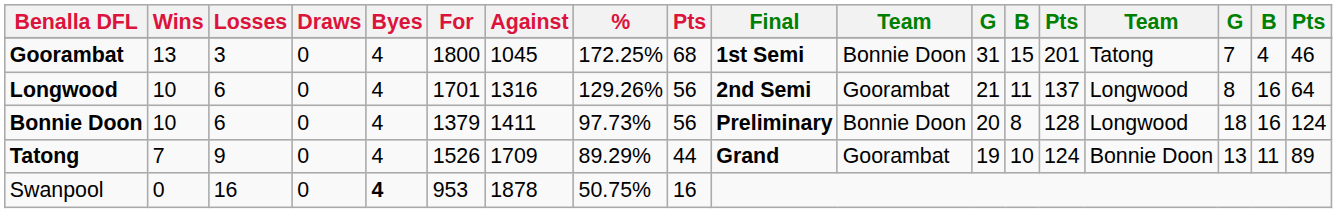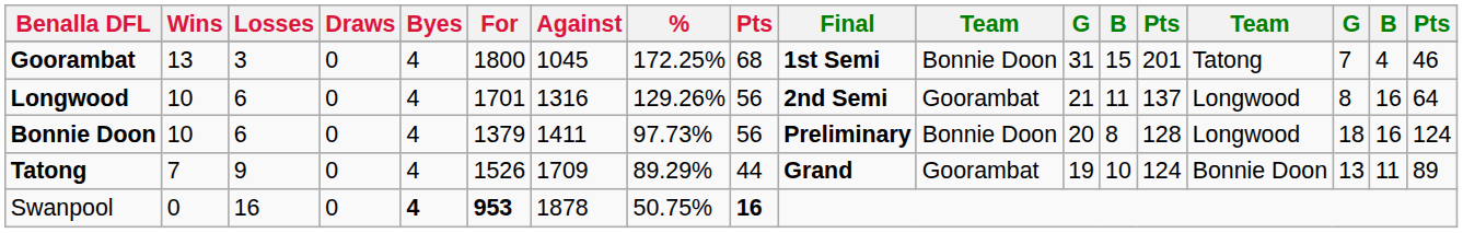 <table style="font-size: 85%; text-align: left;" class="wikitable">
 <tr>
 <th style="color:crimson">Benalla DFL</th>
 <th style="color:crimson">Wins</th>
 <th style="color:crimson">Losses</th>
 <th style="color:crimson">Draws</th>
 <th style="color:crimson">Byes</th>
 <th style="color:crimson">For</th>
 <th style="color:crimson">Against</th>
 <th style="color:crimson">%</th>
 <th style="color:crimson">Pts</th>
 <th style="color:green">Final</th>
 <th style="color:green">Team</th>
 <th style="color:green">G</th>
 <th style="color:green">B</th>
 <th style="color:green">Pts</th>
 <th style="color:green">Team</th>
 <th style="color:green">G</th>
 <th style="color:green">B</th>
 <th style="color:green">Pts</th>
 </tr>
 <tr>
 </tr>
 <tr>
 </tr>
 <tr>
 <td><strong>Goorambat</strong></td>
 <td>13</td>
 <td>3</td>
 <td>0</td>
 <td>4</td>
 <td>1800</td>
 <td>1045</td>
 <td>172.25%</td>
 <td>68</td>
 <td><strong>1st Semi</strong></td>
 <td>Bonnie Doon</td>
 <td>31</td>
 <td>15</td>
 <td>201</td>
 <td>Tatong</td>
 <td>7</td>
 <td>4</td>
 <td>46</td>
 </tr>
 <tr>
 <td><strong>Longwood</strong></td>
 <td>10</td>
 <td>6</td>
 <td>0</td>
 <td>4</td>
 <td>1701</td>
 <td>1316</td>
 <td>129.26%</td>
 <td>56</td>
 <td><strong>2nd Semi</strong></td>
 <td>Goorambat</td>
 <td>21</td>
 <td>11</td>
 <td>137</td>
 <td>Longwood</td>
 <td>8</td>
 <td>16</td>
 <td>64</td>
 </tr>
 <tr>
 <td><strong>Bonnie Doon</strong></td>
 <td>10</td>
 <td>6</td>
 <td>0</td>
 <td>4</td>
 <td>1379</td>
 <td>1411</td>
 <td>97.73%</td>
 <td>56</td>
 <td><strong>Preliminary</strong></td>
 <td>Bonnie Doon</td>
 <td>20</td>
 <td>8</td>
 <td>128</td>
 <td>Longwood</td>
 <td>18</td>
 <td>16</td>
 <td>124</td>
 </tr>
 <tr>
 <td><strong>Tatong</strong></td>
 <td>7</td>
 <td>9</td>
 <td>0</td>
 <td>4</td>
 <td>1526</td>
 <td>1709</td>
 <td>89.29%</td>
 <td>44</td>
 <td><strong>Grand</strong></td>
 <td>Goorambat</td>
 <td>19</td>
 <td>10</td>
 <td>124</td>
 <td>Bonnie Doon</td>
 <td>13</td>
 <td>11</td>
 <td>89</td>
 </tr>
 <tr>
 <td>Swanpool</td>
 <td>0</td>
 <td>16</td>
 <td>0</td>
 <td><strong>4</strong></td>
-<td>953</td>
+<td><strong>953</strong></td>
 <td>1878</td>
 <td>50.75%</td>
-<td>16</td>
+<td><strong>16</strong></td>
 </tr>
 </table>
